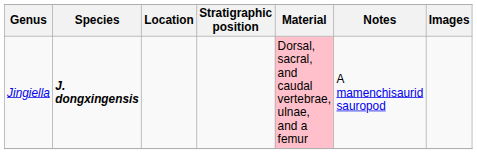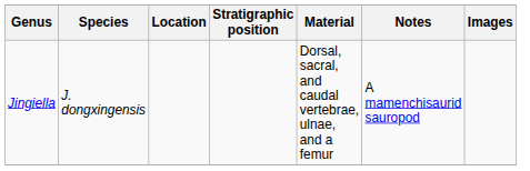 <table class="wikitable" align="center">
 <tr>
 </tr>
 <tr>
 <th>Genus</th>
 <th>Species</th>
 <th>Location</th>
 <th>Stratigraphic position</th>
 <th>Material</th>
 <th>Notes</th>
 <th>Images</th>
 </tr>
 <tr>
 <td><em><a href='#'>Jingiella</a></em></td>
-<td><strong><em>J. dongxingensis</em></strong></td>
+<td><em>J. dongxingensis</em></td>
 <td></td>
 <td></td>
-<td style="background: pink;">Dorsal, sacral, and caudal vertebrae, ulnae, and a femur</td>
+<td>Dorsal, sacral, and caudal vertebrae, ulnae, and a femur</td>
 <td>A <a href='#'>mamenchisaurid</a> <a href='#'>sauropod</a></td>
 <td></td>
 </tr>
 <tr>
 </tr>
 </table>
